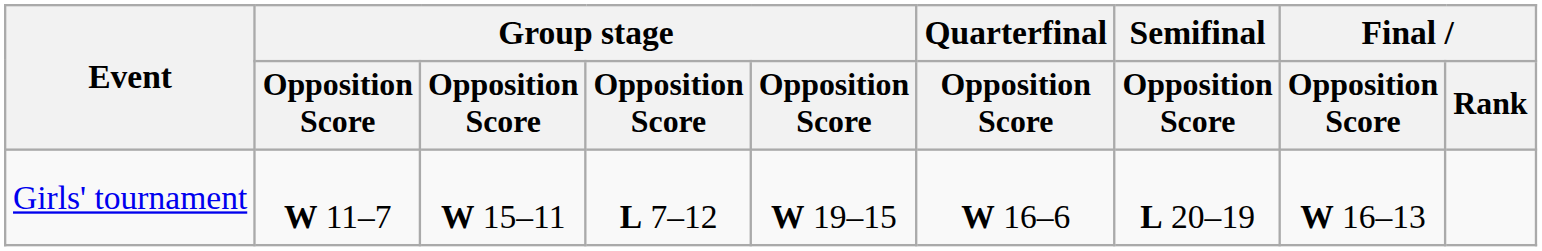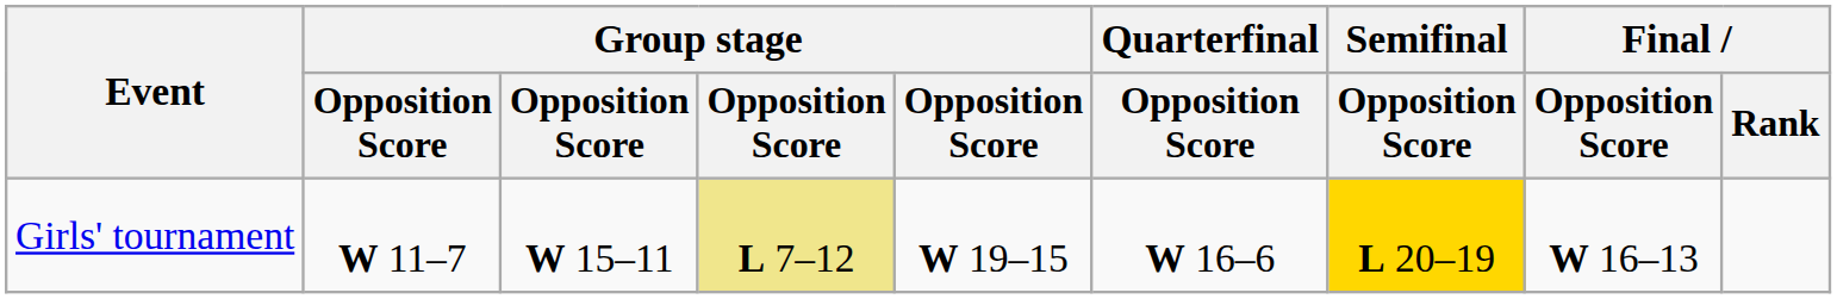 <table class="wikitable" style="font-size:90%">
 <tr>
 <th rowspan=2>Event</th>
 <th colspan=4>Group stage</th>
 <th>Quarterfinal</th>
 <th>Semifinal</th>
 <th colspan=2>Final / </th>
 </tr>
 <tr style="font-size:95%">
 <th>Opposition<br>Score</th>
 <th>Opposition<br>Score</th>
 <th>Opposition<br>Score</th>
 <th>Opposition<br>Score</th>
 <th>Opposition<br>Score</th>
 <th>Opposition<br>Score</th>
 <th>Opposition<br>Score</th>
 <th>Rank</th>
 </tr>
 <tr align=center>
 <td align=left><a href='#'>Girls' tournament</a></td>
 <td><br><strong>W</strong> 11–7</td>
 <td><br><strong>W</strong> 15–11</td>
-<td><br><strong>L</strong> 7–12</td>
+<td style="background: khaki;"><br><strong>L</strong> 7–12</td>
 <td><br><strong>W</strong> 19–15</td>
 <td><br><strong>W</strong> 16–6</td>
-<td><br><strong>L</strong> 20–19</td>
+<td style="background: gold;"><br><strong>L</strong> 20–19</td>
 <td><br><strong>W</strong> 16–13</td>
 <td></td>
 </tr>
 </table>
